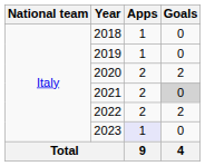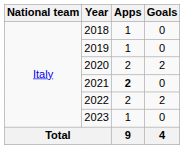 <table class="wikitable" style="text-align:center">
 <tr>
 <th>National team</th>
 <th>Year</th>
 <th>Apps</th>
 <th>Goals</th>
 </tr>
 <tr>
 <td rowspan="6"><a href='#'>Italy</a></td>
 <td>2018</td>
 <td>1</td>
 <td>0</td>
 </tr>
 <tr>
 <td>2019</td>
 <td>1</td>
 <td>0</td>
 </tr>
 <tr>
 <td>2020</td>
 <td>2</td>
 <td>2</td>
 </tr>
 <tr>
 <td>2021</td>
-<td>2</td>
-<td style="background: lightgrey;">0</td>
+<td><strong>2</strong></td>
+<td>0</td>
 </tr>
 <tr>
 <td>2022</td>
 <td>2</td>
 <td>2</td>
 </tr>
 <tr>
 <td>2023</td>
-<td style="background: lavender;">1</td>
+<td>1</td>
 <td>0</td>
 </tr>
 <tr>
 <th colspan="2">Total</th>
 <th>9</th>
 <th>4</th>
 </tr>
 </table>
